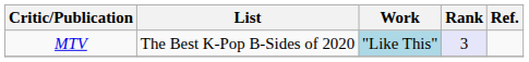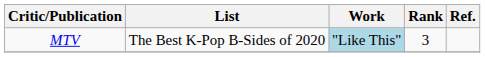 <table class="sortable wikitable" style="text-align:center">
 <tr>
 <th>Critic/Publication</th>
 <th>List</th>
 <th>Work</th>
 <th>Rank</th>
 <th class="unsortable">Ref.</th>
 </tr>
 <tr>
 <td><em><a href='#'>MTV</a></em></td>
 <td>The Best K-Pop B-Sides of 2020</td>
 <td style="background: lightblue;">"Like This"</td>
-<td style="background: lavender;">3</td>
+<td>3</td>
 <td></td>
 </tr>
 <tr>
 </tr>
 </table>
